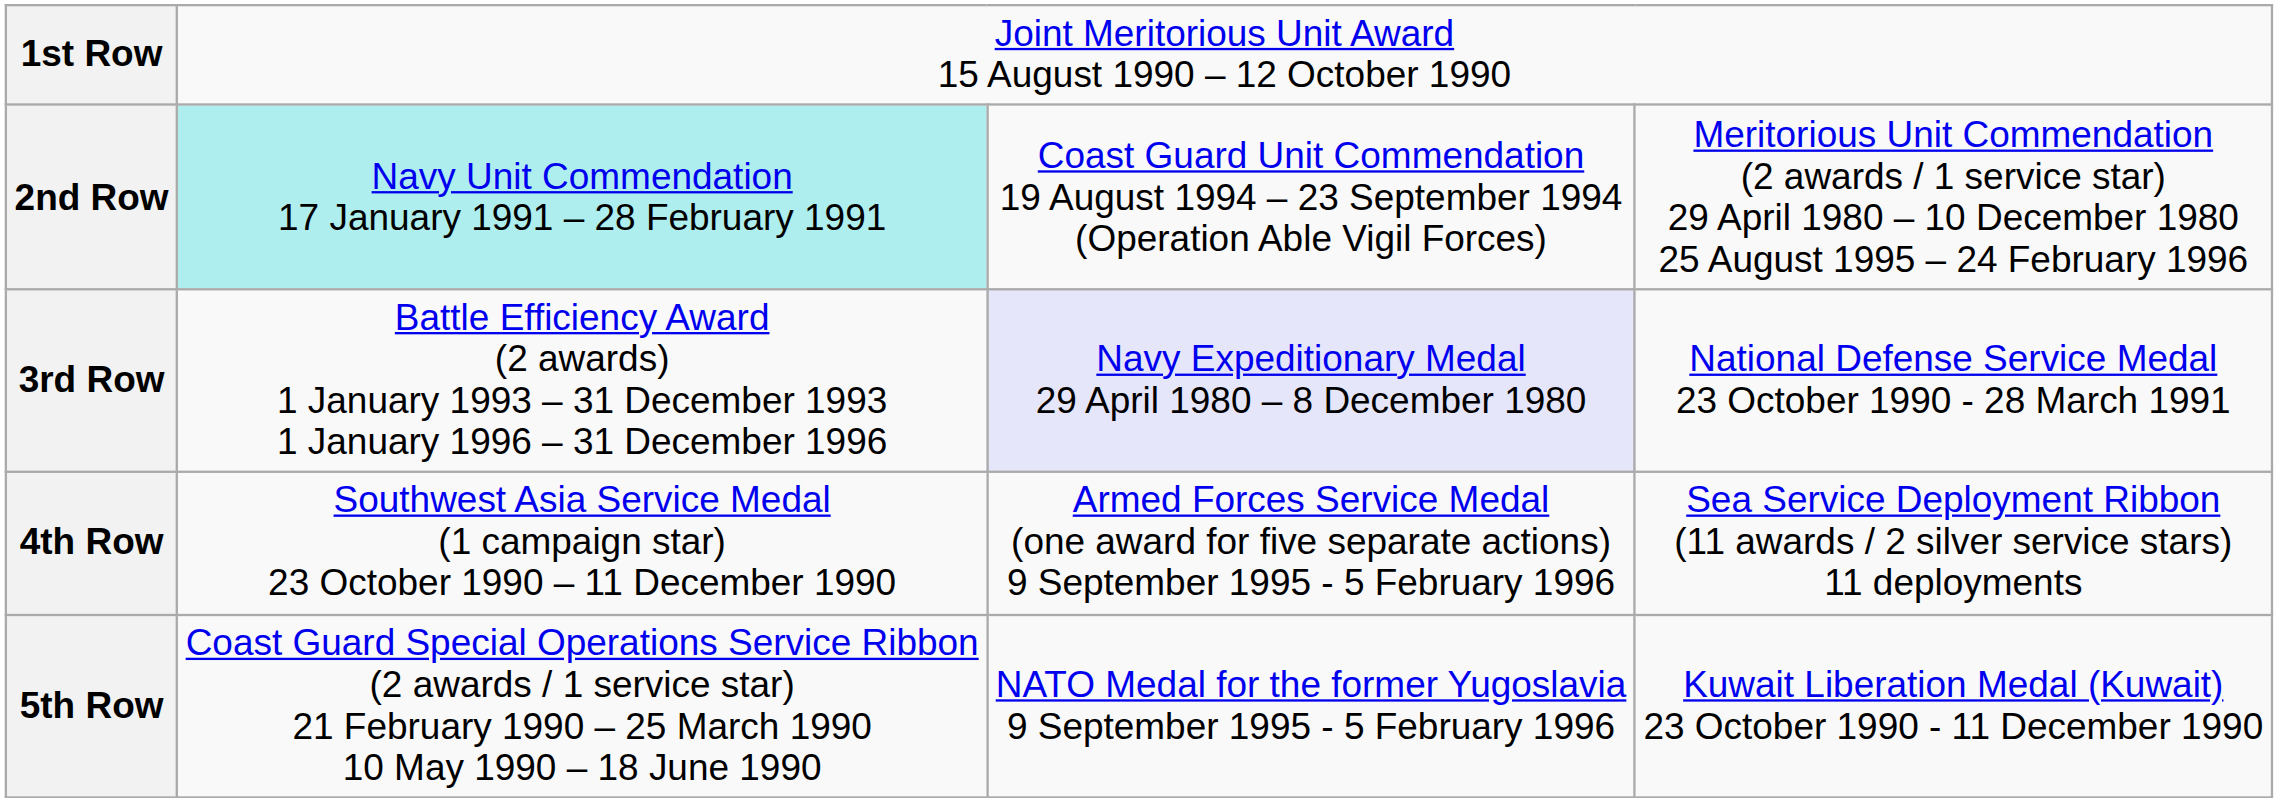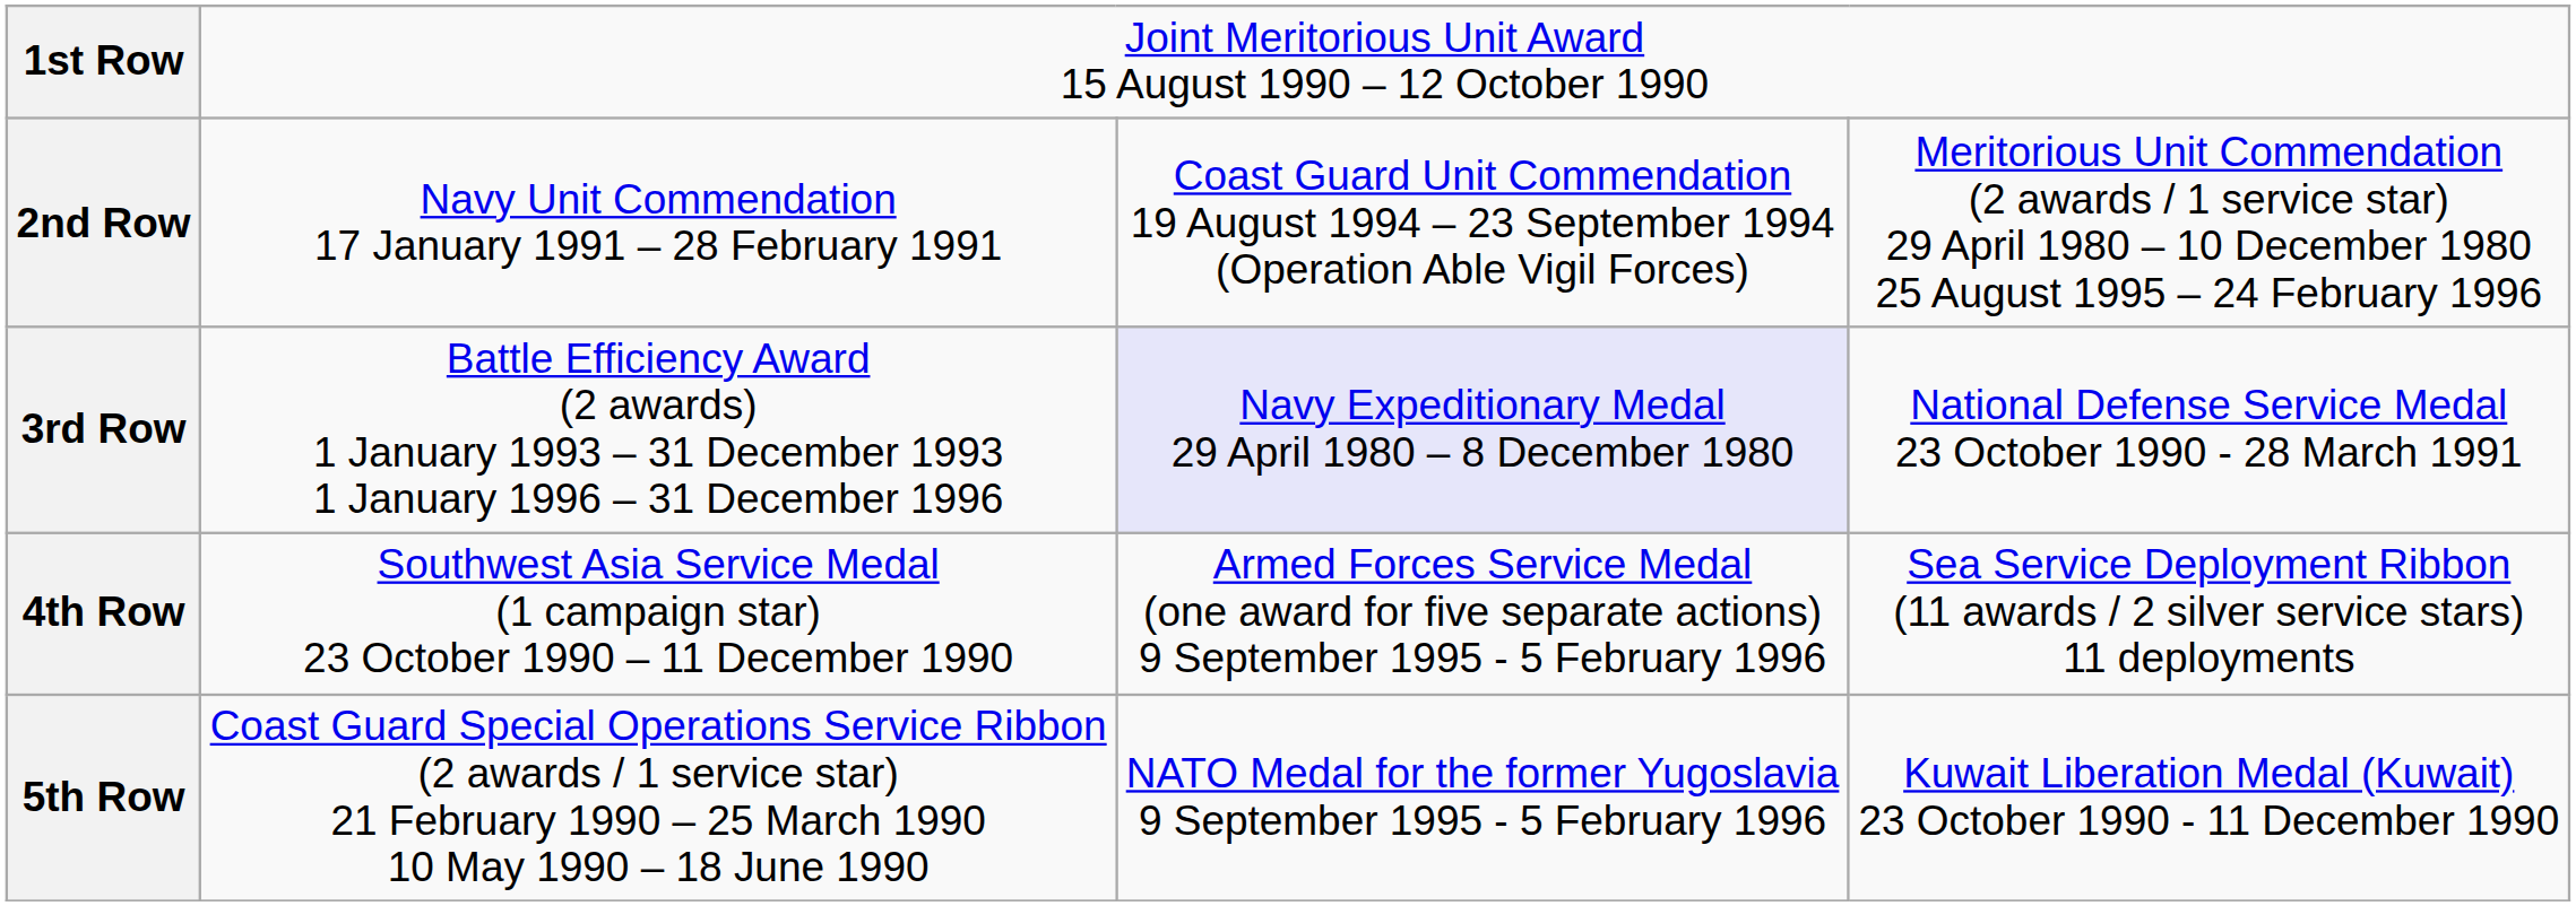 <table class="wikitable" style="margin:1em auto; text-align:center;">
 <tr>
 <th>1st Row</th>
 <td colspan="3"><a href='#'>Joint Meritorious Unit Award</a><br>15 August 1990 – 12 October 1990</td>
 </tr>
 <tr>
 <th>2nd Row</th>
-<td style="background: paleturquoise;"><a href='#'>Navy Unit Commendation</a><br>17 January 1991 – 28 February 1991</td>
+<td><a href='#'>Navy Unit Commendation</a><br>17 January 1991 – 28 February 1991</td>
 <td><a href='#'>Coast Guard Unit Commendation</a><br>19 August 1994 – 23 September 1994<br>(Operation Able Vigil Forces)</td>
 <td><a href='#'>Meritorious Unit Commendation</a><br>(2 awards / 1 service star)<br>29 April 1980 – 10 December 1980<br>25 August 1995 – 24 February 1996</td>
 </tr>
 <tr>
 <th>3rd Row</th>
 <td><a href='#'>Battle Efficiency Award</a><br>(2 awards)<br>1 January 1993 – 31 December 1993<br>1 January 1996 – 31 December 1996</td>
 <td style="background: lavender;"><a href='#'>Navy Expeditionary Medal</a><br>29 April 1980 – 8 December 1980</td>
 <td><a href='#'>National Defense Service Medal</a><br>23 October 1990 - 28 March 1991</td>
 </tr>
 <tr>
 <th>4th Row</th>
 <td><a href='#'>Southwest Asia Service Medal</a><br>(1 campaign star)<br>23 October 1990 – 11 December 1990</td>
 <td><a href='#'>Armed Forces Service Medal</a><br>(one award for five separate actions)<br>9 September 1995 - 5 February 1996</td>
 <td><a href='#'>Sea Service Deployment Ribbon</a><br>(11 awards / 2 silver service stars)<br>11 deployments</td>
 </tr>
 <tr>
 <th>5th Row</th>
 <td><a href='#'>Coast Guard Special Operations Service Ribbon</a><br>(2 awards / 1 service star)<br>21 February 1990 – 25 March 1990<br>10 May 1990 – 18 June 1990</td>
 <td><a href='#'>NATO Medal for the former Yugoslavia</a><br>9 September 1995 - 5 February 1996</td>
 <td><a href='#'>Kuwait Liberation Medal (Kuwait)</a><br>23 October 1990 - 11 December 1990</td>
 </tr>
 </table>
